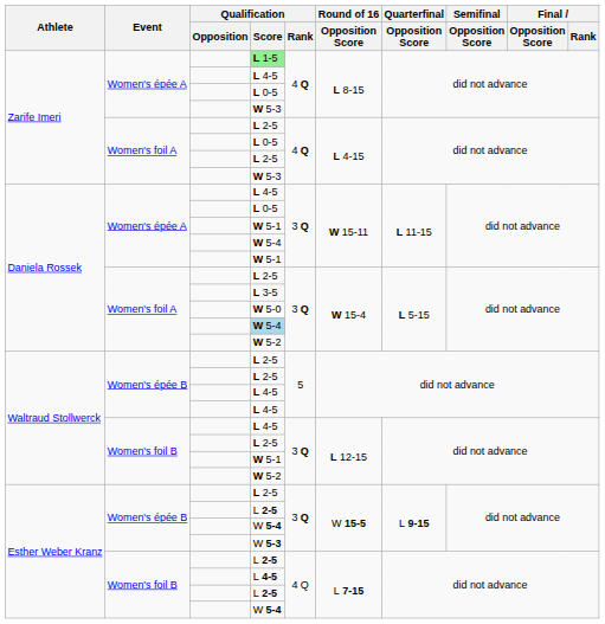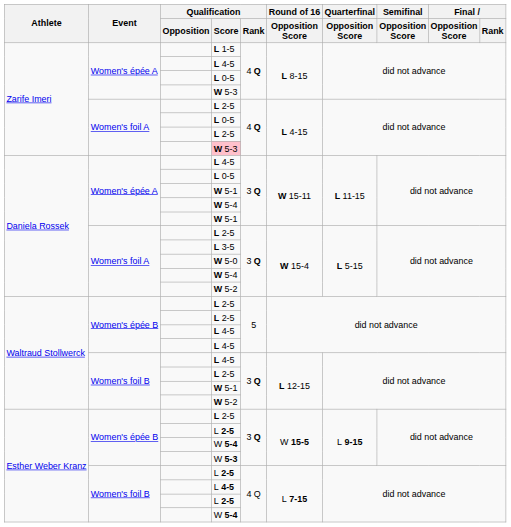 <table class=wikitable style="font-size:90%">
 <tr>
 <th rowspan="2">Athlete</th>
 <th rowspan="2">Event</th>
 <th colspan="3">Qualification</th>
 <th>Round of 16</th>
 <th>Quarterfinal</th>
 <th>Semifinal</th>
 <th colspan="2">Final / </th>
 </tr>
 <tr>
 <th>Opposition</th>
 <th>Score</th>
 <th>Rank</th>
 <th>Opposition<br>Score</th>
 <th>Opposition<br>Score</th>
 <th>Opposition<br>Score</th>
 <th>Opposition<br>Score</th>
 <th>Rank</th>
 </tr>
 <tr>
 <td rowspan=8><a href='#'>Zarife Imeri</a></td>
 <td rowspan=4><a href='#'>Women's épée A</a></td>
 <td></td>
-<td style="background: lightgreen;"><strong>L</strong> 1-5</td>
+<td><strong>L</strong> 1-5</td>
 <td align="center" rowspan=4>4 <strong>Q</strong></td>
 <td align="center" rowspan=4><br><strong>L</strong> 8-15</td>
 <td align="center" rowspan=4 colspan=4>did not advance</td>
 </tr>
 <tr>
 <td></td>
 <td><strong>L</strong> 4-5</td>
 </tr>
 <tr>
 <td></td>
 <td><strong>L</strong> 0-5</td>
 </tr>
 <tr>
 <td></td>
 <td><strong>W</strong> 5-3</td>
 </tr>
 <tr>
 <td rowspan=4><a href='#'>Women's foil A</a></td>
 <td></td>
 <td><strong>L</strong> 2-5</td>
 <td align="center" rowspan=4>4 <strong>Q</strong></td>
 <td align="center" rowspan=4><br><strong>L</strong> 4-15</td>
 <td align="center" rowspan=4 colspan=4>did not advance</td>
 </tr>
 <tr>
 <td></td>
 <td><strong>L</strong> 0-5</td>
 </tr>
 <tr>
 <td></td>
 <td><strong>L</strong> 2-5</td>
 </tr>
 <tr>
 <td></td>
-<td><strong>W</strong> 5-3</td>
+<td style="background: pink;"><strong>W</strong> 5-3</td>
 </tr>
 <tr>
 <td rowspan=10><a href='#'>Daniela Rossek</a></td>
 <td rowspan=5><a href='#'>Women's épée A</a></td>
 <td></td>
 <td><strong>L</strong> 4-5</td>
 <td align="center" rowspan=5>3 <strong>Q</strong></td>
 <td align="center" rowspan=5><br><strong>W</strong> 15-11</td>
 <td align="center" rowspan=5><br><strong>L</strong> 11-15</td>
 <td align="center" rowspan=5 colspan=3>did not advance</td>
 </tr>
 <tr>
 <td></td>
 <td><strong>L</strong> 0-5</td>
 </tr>
 <tr>
 <td></td>
 <td><strong>W</strong> 5-1</td>
 </tr>
 <tr>
 <td></td>
 <td><strong>W</strong> 5-4</td>
 </tr>
 <tr>
 <td></td>
 <td><strong>W</strong> 5-1</td>
 </tr>
 <tr>
 <td rowspan=5><a href='#'>Women's foil A</a></td>
 <td></td>
 <td><strong>L</strong> 2-5</td>
 <td align="center" rowspan=5>3 <strong>Q</strong></td>
 <td align="center" rowspan=5><br><strong>W</strong> 15-4</td>
 <td align="center" rowspan=5><br><strong>L</strong> 5-15</td>
 <td align="center" rowspan=5 colspan=3>did not advance</td>
 </tr>
 <tr>
 <td></td>
 <td><strong>L</strong> 3-5</td>
 </tr>
 <tr>
 <td></td>
 <td><strong>W</strong> 5-0</td>
 </tr>
 <tr>
 <td></td>
-<td style="background: lightblue;"><strong>W</strong> 5-4</td>
+<td><strong>W</strong> 5-4</td>
 </tr>
 <tr>
 <td></td>
 <td><strong>W</strong> 5-2</td>
 </tr>
 <tr>
 <td rowspan=8><a href='#'>Waltraud Stollwerck</a></td>
 <td rowspan=4><a href='#'>Women's épée B</a></td>
 <td></td>
 <td><strong>L</strong> 2-5</td>
 <td align="center" rowspan=4>5</td>
 <td align="center" rowspan=4 colspan=5>did not advance</td>
 </tr>
 <tr>
 <td></td>
 <td><strong>L</strong> 2-5</td>
 </tr>
 <tr>
 <td></td>
 <td><strong>L</strong> 4-5</td>
 </tr>
 <tr>
 <td></td>
 <td><strong>L</strong> 4-5</td>
 </tr>
 <tr>
 <td rowspan=4><a href='#'>Women's foil B</a></td>
 <td></td>
 <td><strong>L</strong> 4-5</td>
 <td align="center" rowspan=4>3 <strong>Q</strong></td>
 <td align="center" rowspan=4><br><strong>L</strong> 12-15</td>
 <td align="center" rowspan=4 colspan=4>did not advance</td>
 </tr>
 <tr>
 <td></td>
 <td><strong>L</strong> 2-5</td>
 </tr>
 <tr>
 <td></td>
 <td><strong>W</strong> 5-1</td>
 </tr>
 <tr>
 <td></td>
 <td><strong>W</strong> 5-2</td>
 </tr>
 <tr>
 <td rowspan=8><a href='#'>Esther Weber Kranz</a></td>
 <td rowspan=4><a href='#'>Women's épée B</a></td>
 <td></td>
 <td><strong>L</strong> 2-5</td>
 <td align="center" rowspan=4>3 <strong>Q<em></td>
 <td align="center" rowspan=4><br></strong>W<strong> 15-5</td>
 <td align="center" rowspan=4><br></strong>L<strong> 9-15</td>
 <td align="center" rowspan=4 colspan=3>did not advance</td>
 </tr>
 <tr>
 <td></td>
 <td></strong>L<strong> 2-5</td>
 </tr>
 <tr>
 <td></td>
 <td></strong>W<strong> 5-4</td>
 </tr>
 <tr>
 <td></td>
 <td></strong>W<strong> 5-3</td>
 </tr>
 <tr>
 <td rowspan=4><a href='#'>Women's foil B</a></td>
 <td></td>
 <td></strong>L<strong> 2-5</td>
 <td align="center" rowspan=4>4 </strong>Q<strong></td>
 <td align="center" rowspan=4><br></strong>L<strong> 7-15</td>
 <td align="center" rowspan=4 colspan=4>did not advance</td>
 </tr>
 <tr>
 <td></td>
 <td></strong>L<strong> 4-5</td>
 </tr>
 <tr>
 <td></td>
 <td></strong>L<strong> 2-5</td>
 </tr>
 <tr>
 <td></td>
 <td></strong>W<strong> 5-4</td>
 </tr>
 </table>
